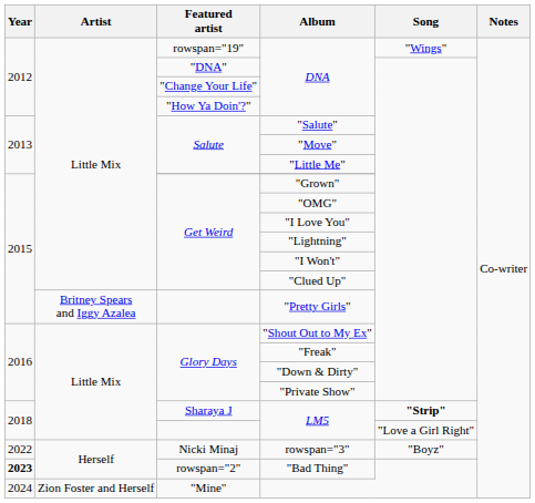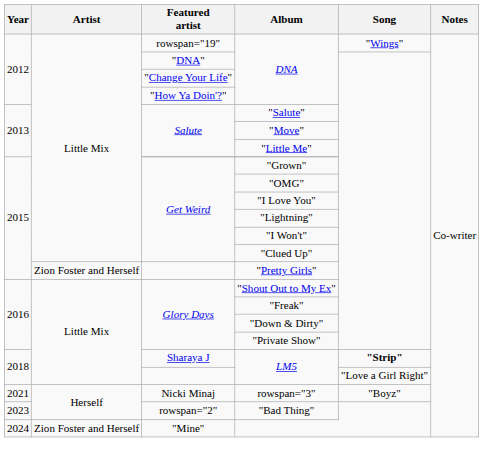 <table class="wikitable sortable plainrowheaders" style="text-align:center;">
 <tr>
 <th>Year</th>
 <th>Artist</th>
 <th>Featured<br>artist</th>
 <th>Album</th>
 <th>Song</th>
 <th>Notes</th>
 </tr>
 <tr>
 <td rowspan="4">2012</td>
 <td rowspan="14">Little Mix</td>
 <td>rowspan="19" </td>
 <td rowspan="4"><em><a href='#'>DNA</a></em></td>
 <td>"<a href='#'>Wings</a>"</td>
 <td rowspan="24">Co-writer</td>
 </tr>
 <tr>
 <td>"<a href='#'>DNA</a>"</td>
 </tr>
 <tr>
 <td>"<a href='#'>Change Your Life</a>"</td>
 </tr>
 <tr>
 <td>"<a href='#'>How Ya Doin'?</a>"</td>
 </tr>
 <tr>
 <td rowspan="3">2013</td>
 <td rowspan="3"><em><a href='#'>Salute</a></em></td>
 <td>"<a href='#'>Salute</a>"</td>
 </tr>
 <tr>
 <td>"<a href='#'>Move</a>"</td>
 </tr>
 <tr>
 <td>"<a href='#'>Little Me</a>"</td>
 </tr>
 <tr>
 <td rowspan="8">2015</td>
 </tr>
 <tr>
 <td rowspan="6"><em><a href='#'>Get Weird</a></em></td>
 <td>"Grown"</td>
 </tr>
 <tr>
 <td>"OMG"</td>
 </tr>
 <tr>
 <td>"I Love You"</td>
 </tr>
 <tr>
 <td>"Lightning"</td>
 </tr>
 <tr>
 <td>"I Won't"</td>
 </tr>
 <tr>
 <td>"Clued Up"</td>
 </tr>
 <tr>
-<td><a href='#'>Britney Spears</a><br>and <a href='#'>Iggy Azalea</a></td>
+<td>Zion Foster and Herself</td>
 <td></td>
 <td>"<a href='#'>Pretty Girls</a>"</td>
 </tr>
 <tr>
 <td rowspan="4">2016</td>
 <td rowspan="6">Little Mix</td>
 <td rowspan="4"><em><a href='#'>Glory Days</a></em></td>
 <td>"<a href='#'>Shout Out to My Ex</a>"</td>
 </tr>
 <tr>
 <td>"Freak"</td>
 </tr>
 <tr>
 <td>"Down & Dirty"</td>
 </tr>
 <tr>
 <td>"Private Show"</td>
 </tr>
 <tr>
 <td rowspan="2">2018</td>
 <td><a href='#'>Sharaya J</a></td>
 <td rowspan="2"><em><a href='#'>LM5</a></em></td>
 <td><strong>"Strip"</strong></td>
 </tr>
 <tr>
 <td></td>
 <td>"Love a Girl Right"</td>
 </tr>
 <tr>
-<td>2022</td>
+<td>2021</td>
 <td rowspan="2">Herself</td>
 <td>Nicki Minaj</td>
 <td>rowspan="3" </td>
 <td>"Boyz"</td>
 </tr>
 <tr>
-<td><strong>2023</strong></td>
+<td>2023</td>
 <td>rowspan="2" </td>
 <td>"Bad Thing"</td>
 </tr>
 <tr>
 <td>2024</td>
 <td>Zion Foster and Herself</td>
 <td>"Mine"</td>
 </tr>
 </table>
